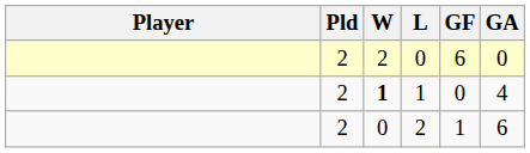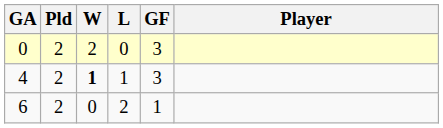 <table class=wikitable style="text-align:center">
 <tr>
-<th width=220>Player</th>
+<th width=20>GA</th>
 <th width=20>Pld</th>
 <th width=20>W</th>
 <th width=20>L</th>
 <th width=20>GF</th>
-<th width=20>GA</th>
+<th width=220>Player</th>
 </tr>
 <tr bgcolor=#ffffcc>
-<td align=left></td>
+<td>0</td>
 <td>2</td>
 <td>2</td>
 <td>0</td>
-<td>6</td>
-<td>0</td>
+<td>3</td>
+<td align=left></td>
 </tr>
 <tr>
-<td align=left></td>
+<td>4</td>
 <td>2</td>
 <td><strong>1</strong></td>
 <td>1</td>
-<td>0</td>
-<td>4</td>
+<td>3</td>
+<td align=left></td>
 </tr>
 <tr>
-<td align=left></td>
+<td>6</td>
 <td>2</td>
 <td>0</td>
 <td>2</td>
 <td>1</td>
-<td>6</td>
+<td align=left></td>
 </tr>
 </table>
